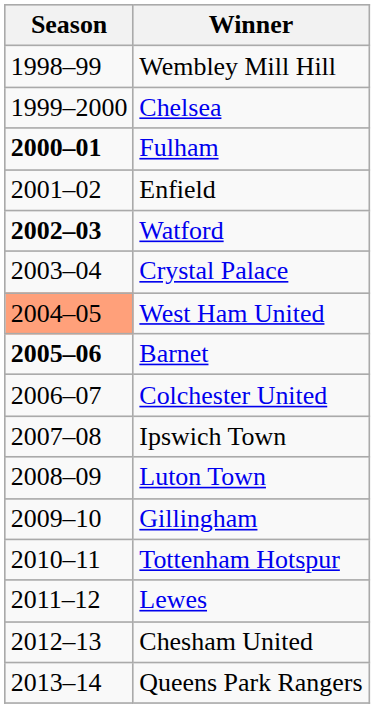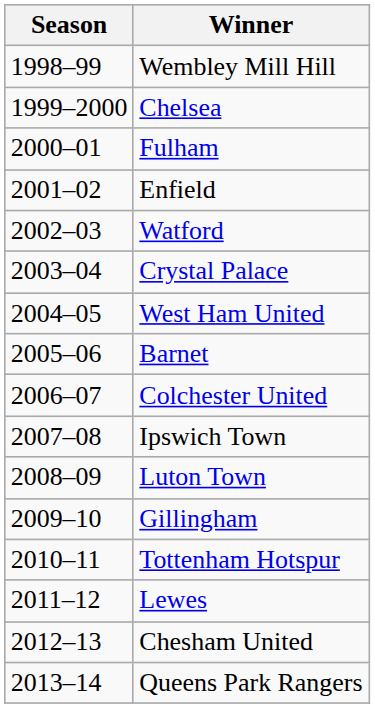 <table class="wikitable">
 <tr>
 <th>Season</th>
 <th>Winner</th>
 </tr>
 <tr>
 <td>1998–99</td>
 <td>Wembley Mill Hill</td>
 </tr>
 <tr>
 <td>1999–2000</td>
 <td><a href='#'>Chelsea</a></td>
 </tr>
 <tr>
-<td><strong>2000–01</strong></td>
+<td>2000–01</td>
 <td><a href='#'>Fulham</a></td>
 </tr>
 <tr>
 <td>2001–02</td>
 <td>Enfield</td>
 </tr>
 <tr>
-<td><strong>2002–03</strong></td>
+<td>2002–03</td>
 <td><a href='#'>Watford</a></td>
 </tr>
 <tr>
 <td>2003–04</td>
 <td><a href='#'>Crystal Palace</a></td>
 </tr>
 <tr>
-<td style="background: lightsalmon;">2004–05</td>
+<td>2004–05</td>
 <td><a href='#'>West Ham United</a></td>
 </tr>
 <tr>
-<td><strong>2005–06</strong></td>
+<td>2005–06</td>
 <td><a href='#'>Barnet</a></td>
 </tr>
 <tr>
 <td>2006–07</td>
 <td><a href='#'>Colchester United</a></td>
 </tr>
 <tr>
 <td>2007–08</td>
 <td>Ipswich Town</td>
 </tr>
 <tr>
 <td>2008–09</td>
 <td><a href='#'>Luton Town</a></td>
 </tr>
 <tr>
 <td>2009–10</td>
 <td><a href='#'>Gillingham</a></td>
 </tr>
 <tr>
 <td>2010–11</td>
 <td><a href='#'>Tottenham Hotspur</a></td>
 </tr>
 <tr>
 <td>2011–12</td>
 <td><a href='#'>Lewes</a></td>
 </tr>
 <tr>
 <td>2012–13</td>
 <td>Chesham United</td>
 </tr>
 <tr>
 <td>2013–14</td>
 <td>Queens Park Rangers</td>
 </tr>
 </table>
